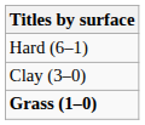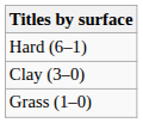 <table class=wikitable>
 <tr>
 <th>Titles by surface</th>
 </tr>
 <tr>
 <td>Hard (6–1)</td>
 </tr>
 <tr>
 <td>Clay (3–0)</td>
 </tr>
 <tr>
-<td><strong>Grass (1–0)</strong></td>
+<td>Grass (1–0)</td>
 </tr>
 </table>
